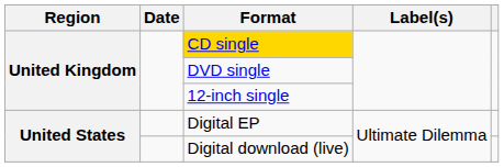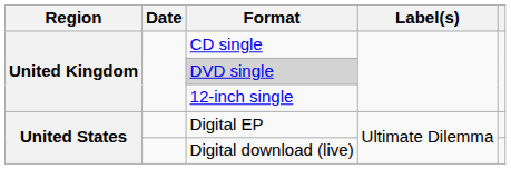 <table class="wikitable plainrowheaders">
 <tr>
 <th>Region</th>
 <th>Date</th>
 <th>Format</th>
 <th>Label(s)</th>
 <th></th>
 </tr>
 <tr>
 <th scope="row" rowspan="3">United Kingdom</th>
 <td rowspan="3"></td>
-<td style="background: gold;"><a href='#'>CD single</a></td>
+<td><a href='#'>CD single</a></td>
 <td rowspan="3"></td>
 <td align="center" rowspan="3"></td>
 </tr>
 <tr>
-<td><a href='#'>DVD single</a></td>
+<td style="background: lightgrey;"><a href='#'>DVD single</a></td>
 </tr>
 <tr>
 <td><a href='#'>12-inch single</a></td>
 </tr>
 <tr>
 <th scope="row" rowspan="2">United States</th>
 <td></td>
 <td>Digital EP</td>
 <td rowspan="2">Ultimate Dilemma</td>
 <td align="center"></td>
 </tr>
 <tr>
 <td></td>
 <td>Digital download (live)</td>
 <td align="center"></td>
 </tr>
 </table>
